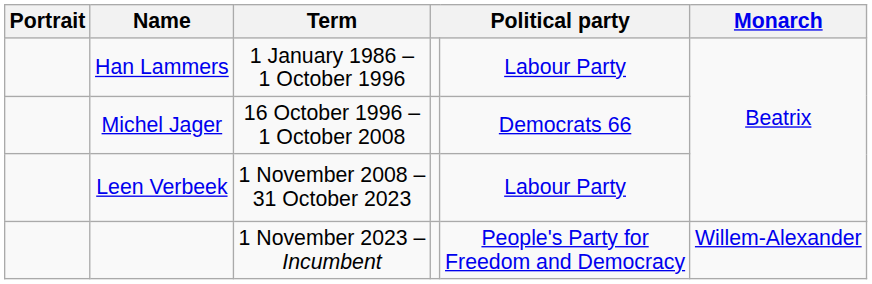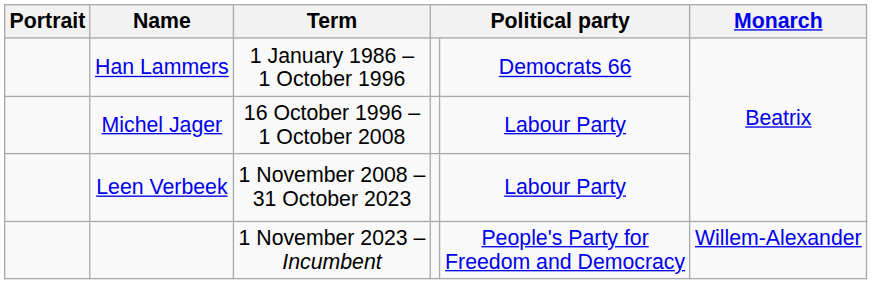 <table class="wikitable" style="text-align: center;">
 <tr>
 <th>Portrait</th>
 <th>Name<br></th>
 <th>Term</th>
 <th colspan=2>Political party</th>
 <th><a href='#'>Monarch</a></th>
 </tr>
 <tr>
 <td></td>
 <td><a href='#'>Han Lammers</a><br></td>
 <td>1 January 1986 – <br> 1 October 1996</td>
 <td style="background-color: "></td>
-<td><a href='#'>Labour Party</a></td>
+<td><a href='#'>Democrats 66</a></td>
 <td rowspan=3><a href='#'>Beatrix</a><br><br></td>
 </tr>
 <tr>
 <td></td>
 <td><a href='#'>Michel Jager</a><br></td>
 <td>16 October 1996 – <br> 1 October 2008</td>
 <td style="background-color: "></td>
-<td><a href='#'>Democrats 66</a></td>
+<td><a href='#'>Labour Party</a></td>
 </tr>
 <tr style="height: 6ex;">
 <td rowspan=2></td>
 <td rowspan=2><a href='#'>Leen Verbeek</a><br></td>
 <td rowspan=2>1 November 2008 – <br> 31 October 2023</td>
 <td rowspan=2 style="background-color: "></td>
 <td rowspan=2><a href='#'>Labour Party</a></td>
 </tr>
 <tr>
 <td rowspan =2><a href='#'>Willem-Alexander</a><br><br></td>
 </tr>
 <tr>
 <td></td>
 <td><br></td>
 <td>1 November 2023 – <br> <em>Incumbent</em></td>
 <td style="background-color: "></td>
 <td><a href='#'>People's Party for <br> Freedom and Democracy</a></td>
 </tr>
 </table>
